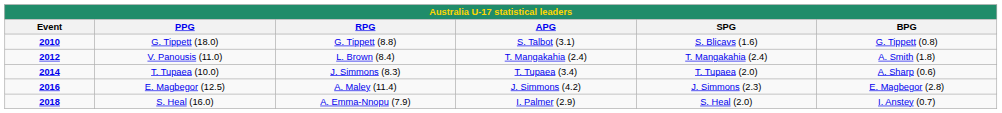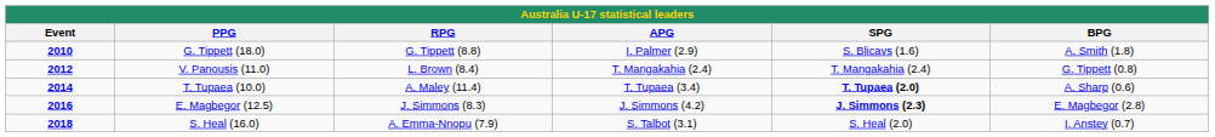 <table class="wikitable" style="clear:both; font-size:88%; text-align: center; width: 95%; margin:1.5em auto;">
 <tr>
 <th colspan=8 style="background:#208c6a; color:#ffd700;">Australia U-17 statistical leaders</th>
 </tr>
 <tr>
 <th width="4%">Event</th>
 <th width="8%"><a href='#'>PPG</a></th>
 <th width="8%"><a href='#'>RPG</a></th>
 <th width="8%"><a href='#'>APG</a></th>
 <th width="8%">SPG</th>
 <th width="8%">BPG</th>
 </tr>
 <tr>
 <td><strong> <a href='#'>2010</a></strong></td>
 <td><a href='#'>G. Tippett</a> (18.0)</td>
 <td><a href='#'>G. Tippett</a> (8.8)</td>
-<td><a href='#'>S. Talbot</a> (3.1)</td>
+<td><a href='#'>I. Palmer</a> (2.9)</td>
 <td><a href='#'>S. Blicavs</a> (1.6)</td>
-<td><a href='#'>G. Tippett</a> (0.8)</td>
+<td><a href='#'>A. Smith</a> (1.8)</td>
 </tr>
 <tr>
 <td><strong> <a href='#'>2012</a></strong></td>
 <td><a href='#'>V. Panousis</a> (11.0)</td>
 <td><a href='#'>L. Brown</a> (8.4)</td>
 <td><a href='#'>T. Mangakahia</a> (2.4)</td>
 <td><a href='#'>T. Mangakahia</a> (2.4)</td>
-<td><a href='#'>A. Smith</a> (1.8)</td>
+<td><a href='#'>G. Tippett</a> (0.8)</td>
 </tr>
 <tr>
 <td><strong> <a href='#'>2014</a></strong></td>
 <td><a href='#'>T. Tupaea</a> (10.0)</td>
-<td><a href='#'>J. Simmons</a> (8.3)</td>
+<td><a href='#'>A. Maley</a> (11.4)</td>
 <td><a href='#'>T. Tupaea</a> (3.4)</td>
-<td><a href='#'>T. Tupaea</a> (2.0)</td>
+<td><strong><a href='#'>T. Tupaea</a> (2.0)</strong></td>
 <td><a href='#'>A. Sharp</a> (0.6)</td>
 </tr>
 <tr>
 <td><strong> <a href='#'>2016</a></strong></td>
 <td><a href='#'>E. Magbegor</a> (12.5)</td>
-<td><a href='#'>A. Maley</a> (11.4)</td>
+<td><a href='#'>J. Simmons</a> (8.3)</td>
 <td><a href='#'>J. Simmons</a> (4.2)</td>
-<td><a href='#'>J. Simmons</a> (2.3)</td>
+<td><strong><a href='#'>J. Simmons</a> (2.3)</strong></td>
 <td><a href='#'>E. Magbegor</a> (2.8)</td>
 </tr>
 <tr>
 <td><strong> <a href='#'>2018</a></strong></td>
 <td><a href='#'>S. Heal</a> (16.0)</td>
 <td><a href='#'>A. Emma-Nnopu</a> (7.9)</td>
-<td><a href='#'>I. Palmer</a> (2.9)</td>
+<td><a href='#'>S. Talbot</a> (3.1)</td>
 <td><a href='#'>S. Heal</a> (2.0)</td>
 <td><a href='#'>I. Anstey</a> (0.7)</td>
 </tr>
 </table>
